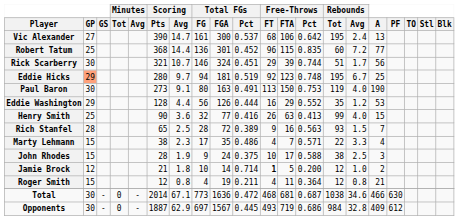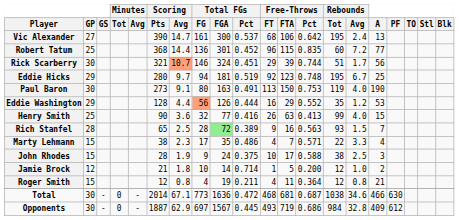 <table class="wikitable sortable" border="1" style="font-size:90%;">
 <tr>
 <th colspan="3" style="border-top-style:hidden; border-left-style:hidden; background: white;"></th>
 <th colspan="2" style=>Minutes</th>
 <th colspan="2" style=>Scoring</th>
 <th colspan="3" style=>Total FGs</th>
 <th colspan="3" style=>Free-Throws</th>
 <th colspan="2" style=>Rebounds</th>
 <th colspan="5" style="border-top-style:hidden; border-right-style:hidden; background: white;"></th>
 </tr>
 <tr>
 <th scope="col" style=>Player</th>
 <th scope="col" style=>GP</th>
 <th scope="col" style=>GS</th>
 <th scope="col" style=>Tot</th>
 <th scope="col" style=>Avg</th>
 <th scope="col" style=>Pts</th>
 <th scope="col" style=>Avg</th>
 <th scope="col" style=>FG</th>
 <th scope="col" style=>FGA</th>
 <th scope="col" style=>Pct</th>
 <th scope="col" style=>FT</th>
 <th scope="col" style=>FTA</th>
 <th scope="col" style=>Pct</th>
 <th scope="col" style=>Tot</th>
 <th scope="col" style=>Avg</th>
 <th scope="col" style=>A</th>
 <th scope="col" style=>PF</th>
 <th scope="col" style=>TO</th>
 <th scope="col" style=>Stl</th>
 <th scope="col" style=>Blk</th>
 </tr>
 <tr>
 <th>Vic Alexander</th>
 <td align="right">27</td>
 <td align="right"></td>
 <td align="right"></td>
 <td align="right"></td>
 <td align="right">390</td>
 <td align="right">14.7</td>
 <td align="right">161</td>
 <td align="right">300</td>
 <td align="right">0.537</td>
 <td align="right">68</td>
 <td align="right">106</td>
 <td align="right">0.642</td>
 <td align="right">195</td>
 <td align="right">2.4</td>
 <td align="right">13</td>
 <td align="right"></td>
 <td align="right"></td>
 <td align="right"></td>
 <td align="right"></td>
 </tr>
 <tr>
 <th>Robert Tatum</th>
 <td align="right">25</td>
 <td align="right"></td>
 <td align="right"></td>
 <td align="right"></td>
 <td align="right">368</td>
 <td align="right">14.4</td>
 <td align="right">136</td>
 <td align="right">301</td>
 <td align="right">0.452</td>
 <td align="right">96</td>
 <td align="right">115</td>
 <td align="right">0.835</td>
 <td align="right">60</td>
 <td align="right">7.2</td>
 <td align="right">77</td>
 <td align="right"></td>
 <td align="right"></td>
 <td align="right"></td>
 <td align="right"></td>
 </tr>
 <tr>
 <th>Rick Scarberry</th>
 <td align="right">30</td>
 <td align="right"></td>
 <td align="right"></td>
 <td align="right"></td>
 <td align="right">321</td>
-<td align="right">10.7</td>
+<td align="right" style="background: lightsalmon;">10.7</td>
 <td align="right">146</td>
 <td align="right">324</td>
 <td align="right">0.451</td>
 <td align="right">29</td>
 <td align="right">39</td>
 <td align="right">0.744</td>
 <td align="right">51</td>
 <td align="right">1.7</td>
 <td align="right">56</td>
 <td align="right"></td>
 <td align="right"></td>
 <td align="right"></td>
 <td align="right"></td>
 </tr>
 <tr>
 <th>Eddie Hicks</th>
-<td align="right" style="background: lightsalmon;">29</td>
+<td align="right">29</td>
 <td align="right"></td>
 <td align="right"></td>
 <td align="right"></td>
 <td align="right">280</td>
 <td align="right">9.7</td>
 <td align="right">94</td>
 <td align="right">181</td>
 <td align="right">0.519</td>
 <td align="right">92</td>
 <td align="right">123</td>
 <td align="right">0.748</td>
 <td align="right">195</td>
 <td align="right">6.7</td>
 <td align="right">25</td>
 <td align="right"></td>
 <td align="right"></td>
 <td align="right"></td>
 <td align="right"></td>
 </tr>
 <tr>
 <th>Paul Baron</th>
 <td align="right">30</td>
 <td align="right"></td>
 <td align="right"></td>
 <td align="right"></td>
 <td align="right">273</td>
 <td align="right">9.1</td>
 <td align="right">80</td>
 <td align="right">163</td>
 <td align="right">0.491</td>
 <td align="right">113</td>
 <td align="right">150</td>
 <td align="right">0.753</td>
 <td align="right">119</td>
 <td align="right">4.0</td>
 <td align="right">190</td>
 <td align="right"></td>
 <td align="right"></td>
 <td align="right"></td>
 <td align="right"></td>
 </tr>
 <tr>
 <th>Eddie Washington</th>
 <td align="right">29</td>
 <td align="right"></td>
 <td align="right"></td>
 <td align="right"></td>
 <td align="right">128</td>
 <td align="right">4.4</td>
-<td align="right">56</td>
+<td align="right" style="background: lightsalmon;">56</td>
 <td align="right">126</td>
 <td align="right">0.444</td>
 <td align="right">16</td>
 <td align="right">29</td>
 <td align="right">0.552</td>
 <td align="right">35</td>
 <td align="right">1.2</td>
 <td align="right">53</td>
 <td align="right"></td>
 <td align="right"></td>
 <td align="right"></td>
 <td align="right"></td>
 </tr>
 <tr>
 <th>Henry Smith</th>
 <td align="right">25</td>
 <td align="right"></td>
 <td align="right"></td>
 <td align="right"></td>
 <td align="right">90</td>
 <td align="right">3.6</td>
 <td align="right">32</td>
 <td align="right">77</td>
 <td align="right">0.416</td>
 <td align="right">26</td>
 <td align="right">63</td>
 <td align="right">0.413</td>
 <td align="right">99</td>
 <td align="right">4.0</td>
 <td align="right">15</td>
 <td align="right"></td>
 <td align="right"></td>
 <td align="right"></td>
 <td align="right"></td>
 </tr>
 <tr>
 <th>Rich Stanfel</th>
 <td align="right">28</td>
 <td align="right"></td>
 <td align="right"></td>
 <td align="right"></td>
 <td align="right">65</td>
 <td align="right">2.5</td>
 <td align="right">28</td>
-<td align="right">72</td>
+<td align="right" style="background: lightgreen;">72</td>
 <td align="right">0.389</td>
 <td align="right">9</td>
 <td align="right">16</td>
 <td align="right">0.563</td>
 <td align="right">93</td>
 <td align="right">1.5</td>
 <td align="right">7</td>
 <td align="right"></td>
 <td align="right"></td>
 <td align="right"></td>
 <td align="right"></td>
 </tr>
 <tr>
 <th>Marty Lehmann</th>
 <td align="right">15</td>
 <td align="right"></td>
 <td align="right"></td>
 <td align="right"></td>
 <td align="right">38</td>
 <td align="right">2.3</td>
 <td align="right">17</td>
 <td align="right">35</td>
 <td align="right">0.486</td>
 <td align="right">4</td>
 <td align="right">7</td>
 <td align="right">0.571</td>
 <td align="right">22</td>
 <td align="right">3.3</td>
 <td align="right">4</td>
 <td align="right"></td>
 <td align="right"></td>
 <td align="right"></td>
 <td align="right"></td>
 </tr>
 <tr>
 <th>John Rhodes</th>
 <td align="right">15</td>
 <td align="right"></td>
 <td align="right"></td>
 <td align="right"></td>
 <td align="right">28</td>
 <td align="right">1.9</td>
 <td align="right">9</td>
 <td align="right">24</td>
 <td align="right">0.375</td>
 <td align="right">10</td>
 <td align="right">17</td>
 <td align="right">0.588</td>
 <td align="right">38</td>
 <td align="right">2.5</td>
 <td align="right">3</td>
 <td align="right"></td>
 <td align="right"></td>
 <td align="right"></td>
 <td align="right"></td>
 </tr>
 <tr>
 <th>Jamie Brock</th>
 <td align="right">12</td>
 <td align="right"></td>
 <td align="right"></td>
 <td align="right"></td>
 <td align="right">21</td>
 <td align="right">1.8</td>
 <td align="right">10</td>
 <td align="right">14</td>
 <td align="right">0.714</td>
-<td align="right"><strong>1</strong></td>
+<td align="right">1</td>
 <td align="right">5</td>
 <td align="right">0.200</td>
 <td align="right">12</td>
 <td align="right">1.0</td>
 <td align="right">2</td>
 <td align="right"></td>
 <td align="right"></td>
 <td align="right"></td>
 <td align="right"></td>
 </tr>
 <tr>
 <th>Roger Smith</th>
 <td align="right">15</td>
 <td align="right"></td>
 <td align="right"></td>
 <td align="right"></td>
 <td align="right">12</td>
 <td align="right">0.8</td>
 <td align="right">4</td>
 <td align="right">19</td>
 <td align="right">0.211</td>
 <td align="right">4</td>
 <td align="right">11</td>
 <td align="right">0.364</td>
 <td align="right">12</td>
 <td align="right">0.8</td>
 <td align="right">21</td>
 <td align="right"></td>
 <td align="right"></td>
 <td align="right"></td>
 <td align="right"></td>
 </tr>
 <tr>
 </tr>
 <tr class="sortbottom">
 <td align="center" style=><strong>Total</strong></td>
 <td align="center" style=>30</td>
 <td align="center" style=>-</td>
 <td align="center" style=>0</td>
 <td align="center" style=>-</td>
 <td align="center" style=>2014</td>
 <td align="center" style=>67.1</td>
 <td align="center" style=>773</td>
 <td align="center" style=>1636</td>
 <td align="center" style=>0.472</td>
 <td align="center" style=>468</td>
 <td align="center" style=>681</td>
 <td align="center" style=>0.687</td>
 <td align="center" style=>1038</td>
 <td align="center" style=>34.6</td>
 <td align="center" style=>466</td>
 <td align="center" style=>630</td>
 <td align="center" style=></td>
 <td align="center" style=></td>
 <td align="center" style=></td>
 </tr>
 <tr class="sortbottom">
 <td align="center"><strong>Opponents</strong></td>
 <td align="center">30</td>
 <td align="center">-</td>
 <td align="center">0</td>
 <td align="center">-</td>
 <td align="center">1887</td>
 <td align="center">62.9</td>
 <td align="center">697</td>
 <td align="center">1567</td>
 <td align="center">0.445</td>
 <td align="center">493</td>
 <td align="center">719</td>
 <td align="center">0.686</td>
 <td align="center">984</td>
 <td align="center">32.8</td>
 <td align="center">409</td>
 <td align="center">612</td>
 <td align="center"></td>
 <td align="center"></td>
 <td align="center"></td>
 </tr>
 </table>
